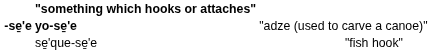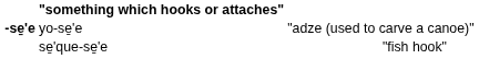 <table>
 <tr>
 <th rowspan="3">-se̱'e</th>
 <th colspan="1">"something which hooks or attaches"</th>
 </tr>
 <tr>
-<td><strong>yo-se̱'e</strong></td>
+<td>yo-se̱'e</td>
 <td colspan="2">"adze (used to carve a canoe)"</td>
 </tr>
 <tr>
 <td colspan="2">se̱'que-se̱'e</td>
 <td colspan="2">"fish hook"</td>
 </tr>
 </table>
